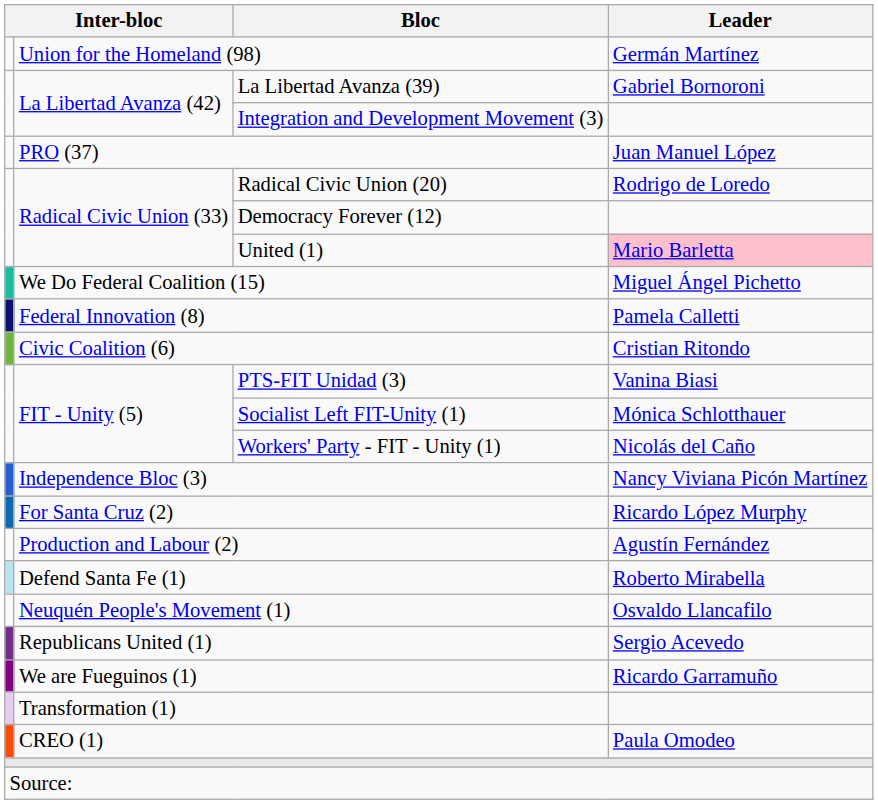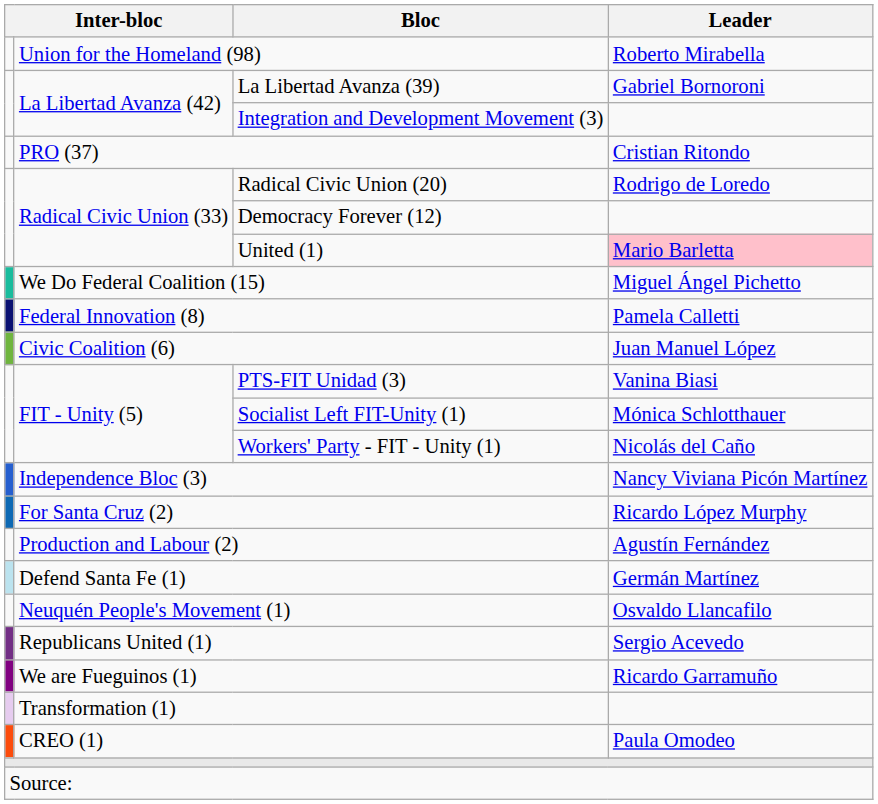 <table class="wikitable">
 <tr>
 <th colspan="2">Inter-bloc</th>
 <th>Bloc</th>
 <th>Leader</th>
 </tr>
 <tr>
 <td style="background-color: "></td>
 <td colspan="2"><a href='#'>Union for the Homeland</a> (98)</td>
-<td><a href='#'>Germán Martínez</a></td>
+<td><a href='#'>Roberto Mirabella</a></td>
 </tr>
 <tr>
 <td rowspan="2" style="background-color:"></td>
 <td rowspan="2"><a href='#'>La Libertad Avanza</a> (42)</td>
 <td>La Libertad Avanza (39)</td>
 <td><a href='#'>Gabriel Bornoroni</a></td>
 </tr>
 <tr>
 <td><a href='#'>Integration and Development Movement</a> (3)</td>
 <td></td>
 </tr>
 <tr>
 <td></td>
 <td colspan="2"><a href='#'>PRO</a> (37)</td>
-<td><a href='#'>Juan Manuel López</a></td>
+<td><a href='#'>Cristian Ritondo</a></td>
 </tr>
 <tr>
 <td rowspan="3" style="background-color: "></td>
 <td rowspan="3"><a href='#'>Radical Civic Union</a> (33)</td>
 <td>Radical Civic Union (20)</td>
 <td><a href='#'>Rodrigo de Loredo</a></td>
 </tr>
 <tr>
 <td>Democracy Forever (12)</td>
 <td></td>
 </tr>
 <tr>
 <td>United (1)</td>
 <td style="background: pink;"><a href='#'>Mario Barletta</a></td>
 </tr>
 <tr>
 <td bgcolor="#19bc9d"></td>
 <td colspan="2">We Do Federal Coalition (15)</td>
 <td><a href='#'>Miguel Ángel Pichetto</a></td>
 </tr>
 <tr>
 <td bgcolor="#0a1172"></td>
 <td colspan="2"><a href='#'>Federal Innovation</a> (8)</td>
 <td><a href='#'>Pamela Calletti</a></td>
 </tr>
 <tr>
 <td bgcolor="#6fb53e"></td>
 <td colspan="2"><a href='#'>Civic Coalition</a> (6)</td>
-<td><a href='#'>Cristian Ritondo</a></td>
+<td><a href='#'>Juan Manuel López</a></td>
 </tr>
 <tr>
 <td rowspan="3" style="background-color: "></td>
 <td rowspan="3"><a href='#'>FIT - Unity</a> (5)</td>
 <td><a href='#'>PTS-FIT Unidad</a> (3)</td>
 <td><a href='#'>Vanina Biasi</a></td>
 </tr>
 <tr>
 <td><a href='#'>Socialist Left FIT-Unity</a> (1)</td>
 <td><a href='#'>Mónica Schlotthauer</a></td>
 </tr>
 <tr>
 <td><a href='#'>Workers' Party</a> - FIT - Unity (1)</td>
 <td><a href='#'>Nicolás del Caño</a></td>
 </tr>
 <tr>
 <td bgcolor="#255fcf"></td>
 <td colspan="2"><a href='#'>Independence Bloc</a> (3)</td>
 <td><a href='#'>Nancy Viviana Picón Martínez</a></td>
 </tr>
 <tr>
 <td bgcolor="#0d69b4"></td>
 <td colspan="2"><a href='#'>For Santa Cruz</a> (2)</td>
 <td><a href='#'>Ricardo López Murphy</a></td>
 </tr>
 <tr>
 <td></td>
 <td colspan="2"><a href='#'>Production and Labour</a> (2)</td>
 <td><a href='#'>Agustín Fernández</a></td>
 </tr>
 <tr>
 <td bgcolor="#BBE3EF"></td>
 <td colspan="2">Defend Santa Fe (1)</td>
-<td><a href='#'>Roberto Mirabella</a></td>
+<td><a href='#'>Germán Martínez</a></td>
 </tr>
 <tr>
 <td></td>
 <td colspan="2"><a href='#'>Neuquén People's Movement</a> (1)</td>
 <td><a href='#'>Osvaldo Llancafilo</a></td>
 </tr>
 <tr>
 <td bgcolor="722E85"></td>
 <td colspan="2">Republicans United (1)</td>
 <td><a href='#'>Sergio Acevedo</a></td>
 </tr>
 <tr>
 <td bgcolor="800080"></td>
 <td colspan="2">We are Fueguinos (1)</td>
 <td><a href='#'>Ricardo Garramuño</a></td>
 </tr>
 <tr>
 <td bgcolor="E6CCEF"></td>
 <td colspan="2">Transformation (1)</td>
 <td></td>
 </tr>
 <tr>
 <td bgcolor="#fc4c0c"></td>
 <td colspan="2">CREO (1)</td>
 <td><a href='#'>Paula Omodeo</a></td>
 </tr>
 <tr>
 <td colspan="4" bgcolor="#E9E9E9"></td>
 </tr>
 <tr>
 <td colspan="4">Source:  </td>
 </tr>
 </table>
